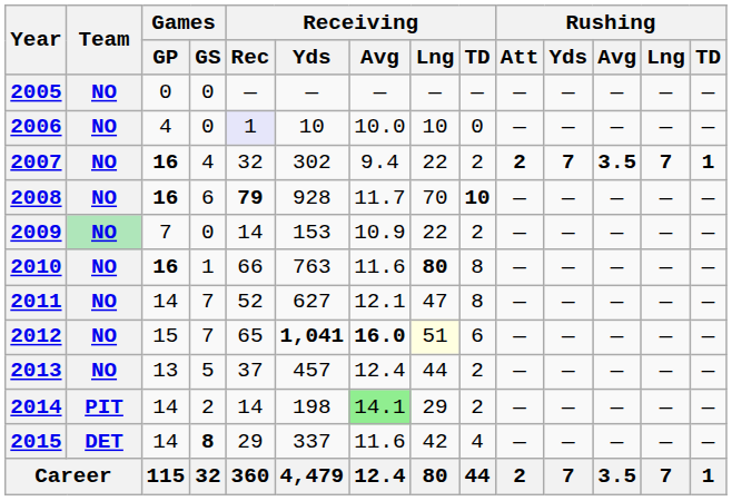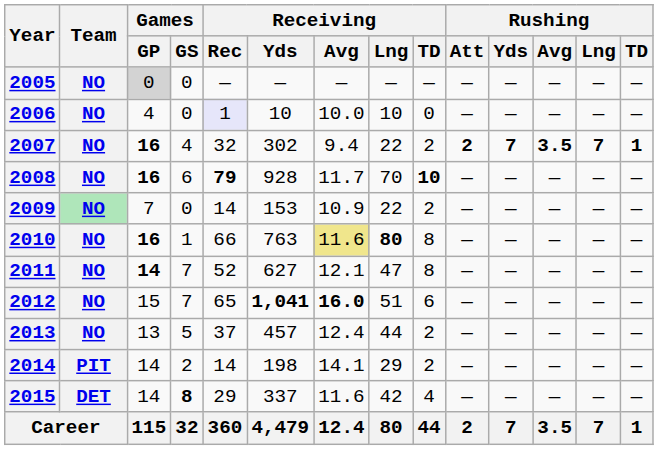 <table class=wikitable style="text-align:center;">
 <tr>
 <th rowspan="2">Year</th>
 <th rowspan="2">Team</th>
 <th colspan="2">Games</th>
 <th colspan="5">Receiving</th>
 <th colspan="5">Rushing</th>
 </tr>
 <tr>
 <th>GP</th>
 <th>GS</th>
 <th>Rec</th>
 <th>Yds</th>
 <th>Avg</th>
 <th>Lng</th>
 <th>TD</th>
 <th>Att</th>
 <th>Yds</th>
 <th>Avg</th>
 <th>Lng</th>
 <th>TD</th>
 </tr>
 <tr>
 <th><a href='#'>2005</a></th>
 <th><a href='#'>NO</a></th>
-<td>0</td>
+<td style="background: lightgrey;">0</td>
 <td>0</td>
 <td>—</td>
 <td>—</td>
 <td>—</td>
 <td>—</td>
 <td>—</td>
 <td>—</td>
 <td>—</td>
 <td>—</td>
 <td>—</td>
 <td>—</td>
 </tr>
 <tr>
 <th><a href='#'>2006</a></th>
 <th><a href='#'>NO</a></th>
 <td>4</td>
 <td>0</td>
 <td style="background: lavender;">1</td>
 <td>10</td>
 <td>10.0</td>
 <td>10</td>
 <td>0</td>
 <td>—</td>
 <td>—</td>
 <td>—</td>
 <td>—</td>
 <td>—</td>
 </tr>
 <tr>
 <th><a href='#'>2007</a></th>
 <th><a href='#'>NO</a></th>
 <td><strong>16</strong></td>
 <td>4</td>
 <td>32</td>
 <td>302</td>
 <td>9.4</td>
 <td>22</td>
 <td>2</td>
 <td><strong>2</strong></td>
 <td><strong>7</strong></td>
 <td><strong>3.5</strong></td>
 <td><strong>7</strong></td>
 <td><strong>1</strong></td>
 </tr>
 <tr>
 <th><a href='#'>2008</a></th>
 <th><a href='#'>NO</a></th>
 <td><strong>16</strong></td>
 <td>6</td>
 <td><strong>79</strong></td>
 <td>928</td>
 <td>11.7</td>
 <td>70</td>
 <td><strong>10</strong></td>
 <td>—</td>
 <td>—</td>
 <td>—</td>
 <td>—</td>
 <td>—</td>
 </tr>
 <tr>
 <th><a href='#'>2009</a></th>
 <th style="background:#afe6ba; width:3em;"><a href='#'>NO</a></th>
 <td>7</td>
 <td>0</td>
 <td>14</td>
 <td>153</td>
 <td>10.9</td>
 <td>22</td>
 <td>2</td>
 <td>—</td>
 <td>—</td>
 <td>—</td>
 <td>—</td>
 <td>—</td>
 </tr>
 <tr>
 <th><a href='#'>2010</a></th>
 <th><a href='#'>NO</a></th>
 <td><strong>16</strong></td>
 <td>1</td>
 <td>66</td>
 <td>763</td>
-<td>11.6</td>
+<td style="background: khaki;">11.6</td>
 <td><strong>80</strong></td>
 <td>8</td>
 <td>—</td>
 <td>—</td>
 <td>—</td>
 <td>—</td>
 <td>—</td>
 </tr>
 <tr>
 <th><a href='#'>2011</a></th>
 <th><a href='#'>NO</a></th>
-<td>14</td>
+<td><strong>14</strong></td>
 <td>7</td>
 <td>52</td>
 <td>627</td>
 <td>12.1</td>
 <td>47</td>
 <td>8</td>
 <td>—</td>
 <td>—</td>
 <td>—</td>
 <td>—</td>
 <td>—</td>
 </tr>
 <tr>
 <th><a href='#'>2012</a></th>
 <th><a href='#'>NO</a></th>
 <td>15</td>
 <td>7</td>
 <td>65</td>
 <td><strong>1,041</strong></td>
 <td><strong>16.0</strong></td>
-<td style="background: lightyellow;">51</td>
+<td>51</td>
 <td>6</td>
 <td>—</td>
 <td>—</td>
 <td>—</td>
 <td>—</td>
 <td>—</td>
 </tr>
 <tr>
 <th><a href='#'>2013</a></th>
 <th><a href='#'>NO</a></th>
 <td>13</td>
 <td>5</td>
 <td>37</td>
 <td>457</td>
 <td>12.4</td>
 <td>44</td>
 <td>2</td>
 <td>—</td>
 <td>—</td>
 <td>—</td>
 <td>—</td>
 <td>—</td>
 </tr>
 <tr>
 <th><a href='#'>2014</a></th>
 <th><a href='#'>PIT</a></th>
 <td>14</td>
 <td>2</td>
 <td>14</td>
 <td>198</td>
-<td style="background: lightgreen;">14.1</td>
+<td>14.1</td>
 <td>29</td>
 <td>2</td>
 <td>—</td>
 <td>—</td>
 <td>—</td>
 <td>—</td>
 <td>—</td>
 </tr>
 <tr>
 <th><a href='#'>2015</a></th>
 <th><a href='#'>DET</a></th>
 <td>14</td>
 <td><strong>8</strong></td>
 <td>29</td>
 <td>337</td>
 <td>11.6</td>
 <td>42</td>
 <td>4</td>
 <td>—</td>
 <td>—</td>
 <td>—</td>
 <td>—</td>
 <td>—</td>
 </tr>
 <tr>
 <th colspan="2">Career</th>
 <th>115</th>
 <th>32</th>
 <th>360</th>
 <th>4,479</th>
 <th>12.4</th>
 <th>80</th>
 <th>44</th>
 <th>2</th>
 <th>7</th>
 <th>3.5</th>
 <th>7</th>
 <th>1</th>
 </tr>
 </table>
